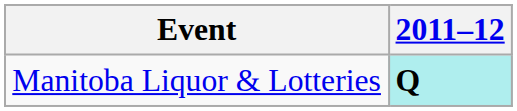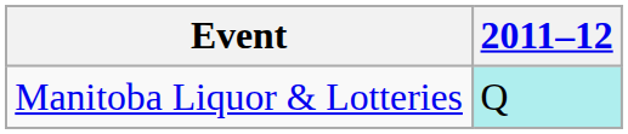 <table class="wikitable">
 <tr>
 <th>Event</th>
 <th><a href='#'>2011–12</a></th>
 </tr>
 <tr>
 <td><a href='#'>Manitoba Liquor & Lotteries</a></td>
-<td style="background:#afeeee;"><strong>Q</strong></td>
+<td style="background:#afeeee;">Q</td>
 </tr>
 </table>
